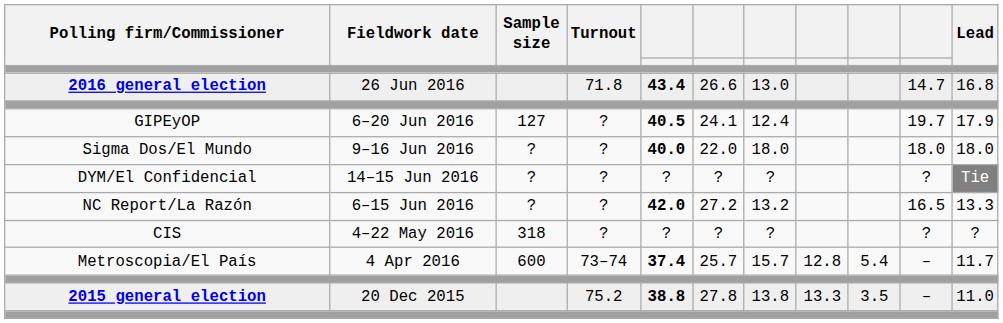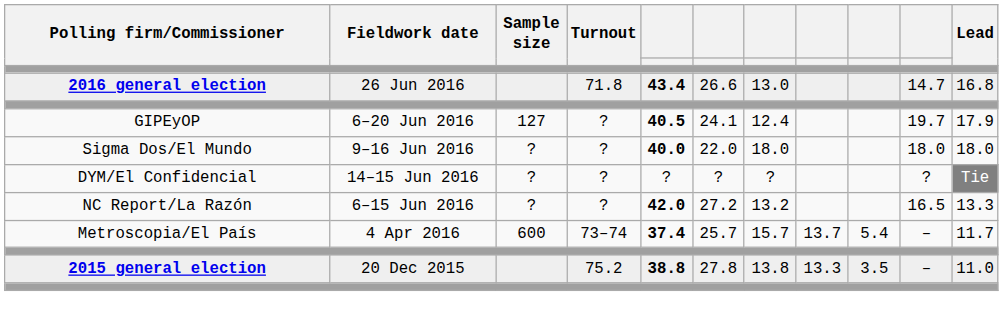 <table class="wikitable collapsible collapsed" style="text-align:center; font-size:95%; line-height:16px;">
 <tr style="height:42px; background-color:#E9E9E9">
 <th style="width:250px;" rowspan="2">Polling firm/Commissioner</th>
 <th style="width:125px;" rowspan="2">Fieldwork date</th>
 <th style="width:50px;" rowspan="2">Sample size</th>
 <th style="width:45px;" rowspan="2">Turnout</th>
 <th style="width:35px;"></th>
 <th style="width:35px;"></th>
 <th style="width:35px;"></th>
 <th style="width:35px;"></th>
 <th style="width:35px;"></th>
 <th style="width:35px;"></th>
 <th style="width:30px;" rowspan="2">Lead</th>
 </tr>
 <tr>
 <th style="color:inherit;background:"></th>
 <th style="color:inherit;background:"></th>
 <th style="color:inherit;background:"></th>
 <th style="color:inherit;background:"></th>
 <th style="color:inherit;background:"></th>
 <th style="color:inherit;background:"></th>
 </tr>
 <tr>
 <td colspan="11" style="background:#A0A0A0"></td>
 </tr>
 <tr style="background:#EFEFEF;">
 <td><strong><a href='#'>2016 general election</a></strong></td>
 <td>26 Jun 2016</td>
 <td></td>
 <td>71.8</td>
 <td><strong>43.4</strong><br></td>
 <td>26.6<br></td>
 <td>13.0<br></td>
 <td></td>
 <td></td>
 <td>14.7<br></td>
 <td style="background:">16.8</td>
 </tr>
 <tr>
 <td colspan="11" style="background:#A0A0A0"></td>
 </tr>
 <tr>
 <td>GIPEyOP</td>
 <td>6–20 Jun 2016</td>
 <td>127</td>
 <td>?</td>
 <td><strong>40.5</strong><br></td>
 <td>24.1<br></td>
 <td>12.4<br></td>
 <td></td>
 <td></td>
 <td>19.7<br></td>
 <td style="background:">17.9</td>
 </tr>
 <tr>
 <td>Sigma Dos/El Mundo</td>
 <td>9–16 Jun 2016</td>
 <td>?</td>
 <td>?</td>
 <td><strong>40.0</strong><br></td>
 <td>22.0<br></td>
 <td>18.0<br></td>
 <td></td>
 <td></td>
 <td>18.0<br></td>
 <td style="background:">18.0</td>
 </tr>
 <tr>
 <td>DYM/El Confidencial</td>
 <td>14–15 Jun 2016</td>
 <td>?</td>
 <td>?</td>
 <td>?<br></td>
 <td>?<br></td>
 <td>?<br></td>
 <td></td>
 <td></td>
 <td>?<br></td>
 <td style="background:gray;color:white;">Tie</td>
 </tr>
 <tr>
 <td>NC Report/La Razón</td>
 <td>6–15 Jun 2016</td>
 <td>?</td>
 <td>?</td>
 <td><strong>42.0</strong><br></td>
 <td>27.2<br></td>
 <td>13.2<br></td>
 <td></td>
 <td></td>
 <td>16.5<br></td>
 <td style="background:">13.3</td>
 </tr>
 <tr>
-<td>CIS</td>
-<td>4–22 May 2016</td>
-<td>318</td>
-<td>?</td>
-<td>?<br></td>
-<td>?<br></td>
-<td>?<br></td>
-<td></td>
-<td></td>
-<td>?<br></td>
-<td style="background:">?</td>
-</tr>
-<tr>
 <td>Metroscopia/El País</td>
 <td>4 Apr 2016</td>
 <td>600</td>
 <td>73–74</td>
 <td><strong>37.4</strong><br></td>
 <td>25.7<br></td>
 <td>15.7<br></td>
-<td>12.8<br></td>
+<td>13.7<br></td>
 <td>5.4<br></td>
 <td>–</td>
 <td style="background:">11.7</td>
 </tr>
 <tr>
 <td colspan="11" style="background:#A0A0A0"></td>
 </tr>
 <tr style="background:#EFEFEF;">
 <td><strong><a href='#'>2015 general election</a></strong></td>
 <td>20 Dec 2015</td>
 <td></td>
 <td>75.2</td>
 <td><strong>38.8</strong><br></td>
 <td>27.8<br></td>
 <td>13.8<br></td>
 <td>13.3<br></td>
 <td>3.5<br></td>
 <td>–</td>
 <td style="background:">11.0</td>
 </tr>
 <tr>
 <td colspan="11" style="background:#A0A0A0"></td>
 </tr>
 </table>
